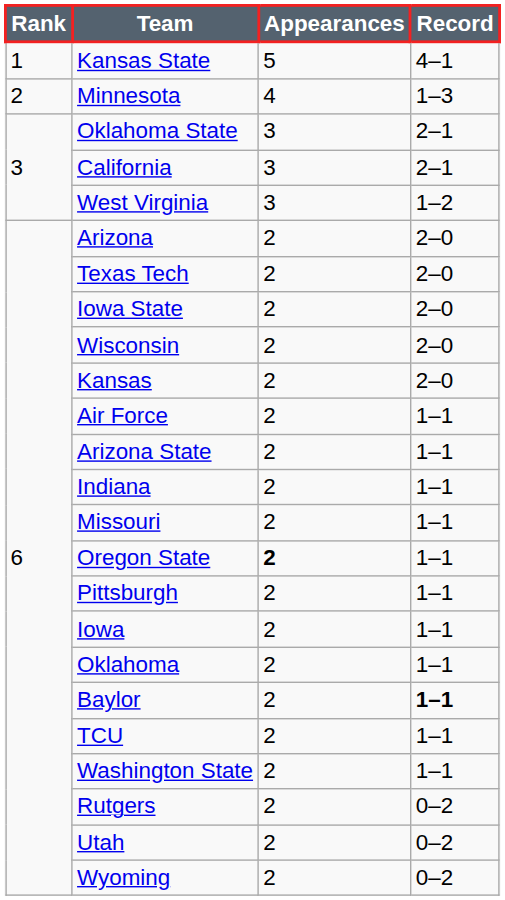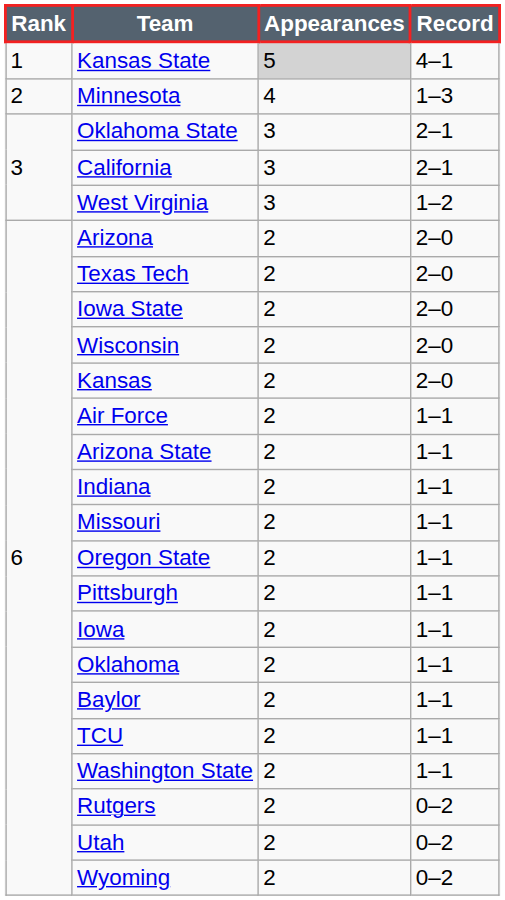 <table class = "wikitable">
 <tr>
 <th style="background:#54626F; color:#FFFFFF; border: 2px solid #F32121;">Rank</th>
 <th style="background:#54626F; color:#FFFFFF; border: 2px solid #F32121;">Team</th>
 <th style="background:#54626F; color:#FFFFFF; border: 2px solid #F32121;">Appearances</th>
 <th style="background:#54626F; color:#FFFFFF; border: 2px solid #F32121;">Record</th>
 </tr>
 <tr>
 <td>1</td>
 <td><a href='#'>Kansas State</a></td>
-<td>5</td>
+<td style="background: lightgrey;">5</td>
 <td>4–1</td>
 </tr>
 <tr>
 <td>2</td>
 <td><a href='#'>Minnesota</a></td>
 <td>4</td>
 <td>1–3</td>
 </tr>
 <tr>
 <td rowspan=3>3</td>
 <td><a href='#'>Oklahoma State</a></td>
 <td>3</td>
 <td>2–1</td>
 </tr>
 <tr>
 <td><a href='#'>California</a></td>
 <td>3</td>
 <td>2–1</td>
 </tr>
 <tr>
 <td><a href='#'>West Virginia</a></td>
 <td>3</td>
 <td>1–2</td>
 </tr>
 <tr>
 <td rowspan=19>6</td>
 <td><a href='#'>Arizona</a></td>
 <td>2</td>
 <td>2–0</td>
 </tr>
 <tr>
 <td><a href='#'>Texas Tech</a></td>
 <td>2</td>
 <td>2–0</td>
 </tr>
 <tr>
 <td><a href='#'>Iowa State</a></td>
 <td>2</td>
 <td>2–0</td>
 </tr>
 <tr>
 <td><a href='#'>Wisconsin</a></td>
 <td>2</td>
 <td>2–0</td>
 </tr>
 <tr>
 <td><a href='#'>Kansas</a></td>
 <td>2</td>
 <td>2–0</td>
 </tr>
 <tr>
 <td><a href='#'>Air Force</a></td>
 <td>2</td>
 <td>1–1</td>
 </tr>
 <tr>
 <td><a href='#'>Arizona State</a></td>
 <td>2</td>
 <td>1–1</td>
 </tr>
 <tr>
 <td><a href='#'>Indiana</a></td>
 <td>2</td>
 <td>1–1</td>
 </tr>
 <tr>
 <td><a href='#'>Missouri</a></td>
 <td>2</td>
 <td>1–1</td>
 </tr>
 <tr>
 <td><a href='#'>Oregon State</a></td>
-<td><strong>2</strong></td>
+<td>2</td>
 <td>1–1</td>
 </tr>
 <tr>
 <td><a href='#'>Pittsburgh</a></td>
 <td>2</td>
 <td>1–1</td>
 </tr>
 <tr>
 <td><a href='#'>Iowa</a></td>
 <td>2</td>
 <td>1–1</td>
 </tr>
 <tr>
 <td><a href='#'>Oklahoma</a></td>
 <td>2</td>
 <td>1–1</td>
 </tr>
 <tr>
 <td><a href='#'>Baylor</a></td>
 <td>2</td>
-<td><strong>1–1</strong></td>
+<td>1–1</td>
 </tr>
 <tr>
 <td><a href='#'>TCU</a></td>
 <td>2</td>
 <td>1–1</td>
 </tr>
 <tr>
 <td><a href='#'>Washington State</a></td>
 <td>2</td>
 <td>1–1</td>
 </tr>
 <tr>
 <td><a href='#'>Rutgers</a></td>
 <td>2</td>
 <td>0–2</td>
 </tr>
 <tr>
 <td><a href='#'>Utah</a></td>
 <td>2</td>
 <td>0–2</td>
 </tr>
 <tr>
 <td><a href='#'>Wyoming</a></td>
 <td>2</td>
 <td>0–2</td>
 </tr>
 </table>
